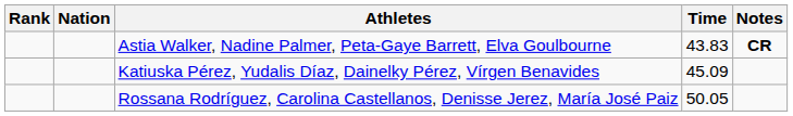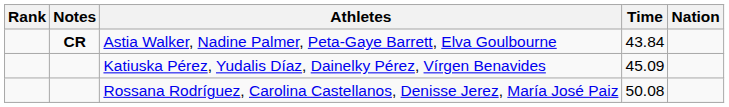 <table class="wikitable sortable" style="text-align:center;font-size:95%">
 <tr>
 <th>Rank</th>
-<th>Nation</th>
+<th>Notes</th>
 <th>Athletes</th>
 <th>Time</th>
-<th>Notes</th>
+<th>Nation</th>
 </tr>
 <tr>
 <td></td>
+<td><strong>CR</strong></td>
+<td align=left><a href='#'>Astia Walker</a>, <a href='#'>Nadine Palmer</a>, <a href='#'>Peta-Gaye Barrett</a>, <a href='#'>Elva Goulbourne</a></td>
+<td>43.84</td>
 <td align=left></td>
-<td align=left><a href='#'>Astia Walker</a>, <a href='#'>Nadine Palmer</a>, <a href='#'>Peta-Gaye Barrett</a>, <a href='#'>Elva Goulbourne</a></td>
-<td>43.83</td>
-<td><strong>CR</strong></td>
 </tr>
 <tr>
 <td></td>
-<td align=left></td>
+<td></td>
 <td align=left><a href='#'>Katiuska Pérez</a>, <a href='#'>Yudalis Díaz</a>, <a href='#'>Dainelky Pérez</a>, <a href='#'>Vírgen Benavides</a></td>
 <td>45.09</td>
-<td></td>
+<td align=left></td>
 </tr>
 <tr>
 <td></td>
+<td></td>
+<td align=left><a href='#'>Rossana Rodríguez</a>, <a href='#'>Carolina Castellanos</a>, <a href='#'>Denisse Jerez</a>, <a href='#'>María José Paiz</a></td>
+<td>50.08</td>
 <td align=left></td>
-<td align=left><a href='#'>Rossana Rodríguez</a>, <a href='#'>Carolina Castellanos</a>, <a href='#'>Denisse Jerez</a>, <a href='#'>María José Paiz</a></td>
-<td>50.05</td>
-<td></td>
 </tr>
 </table>
